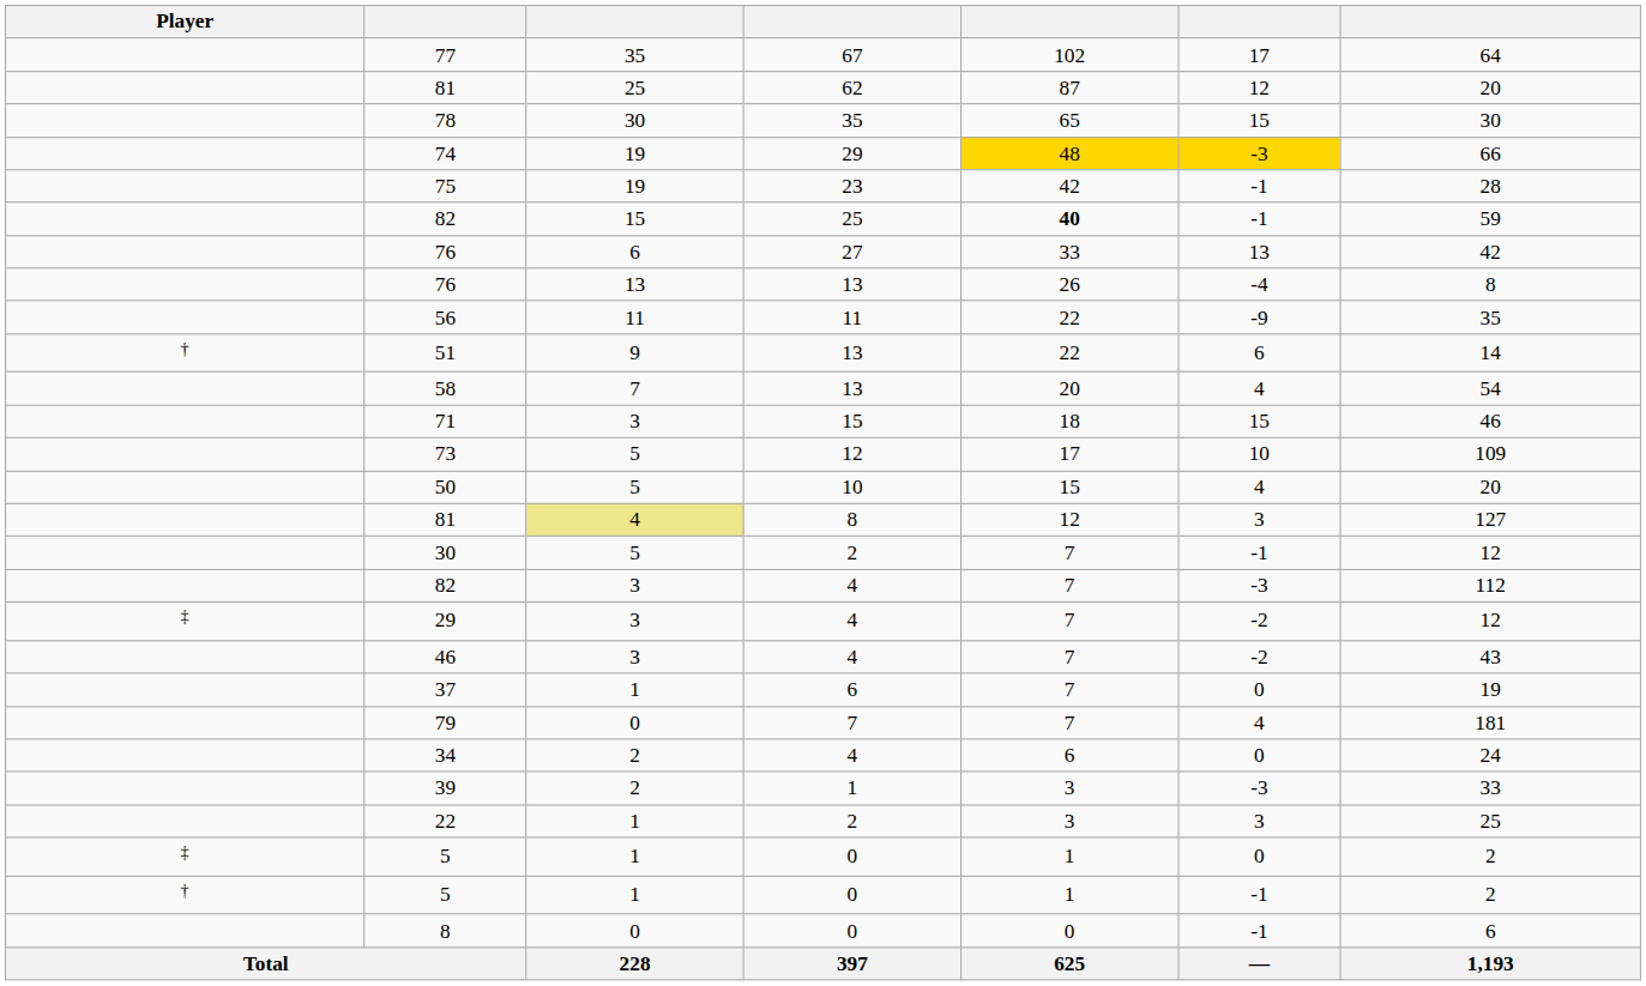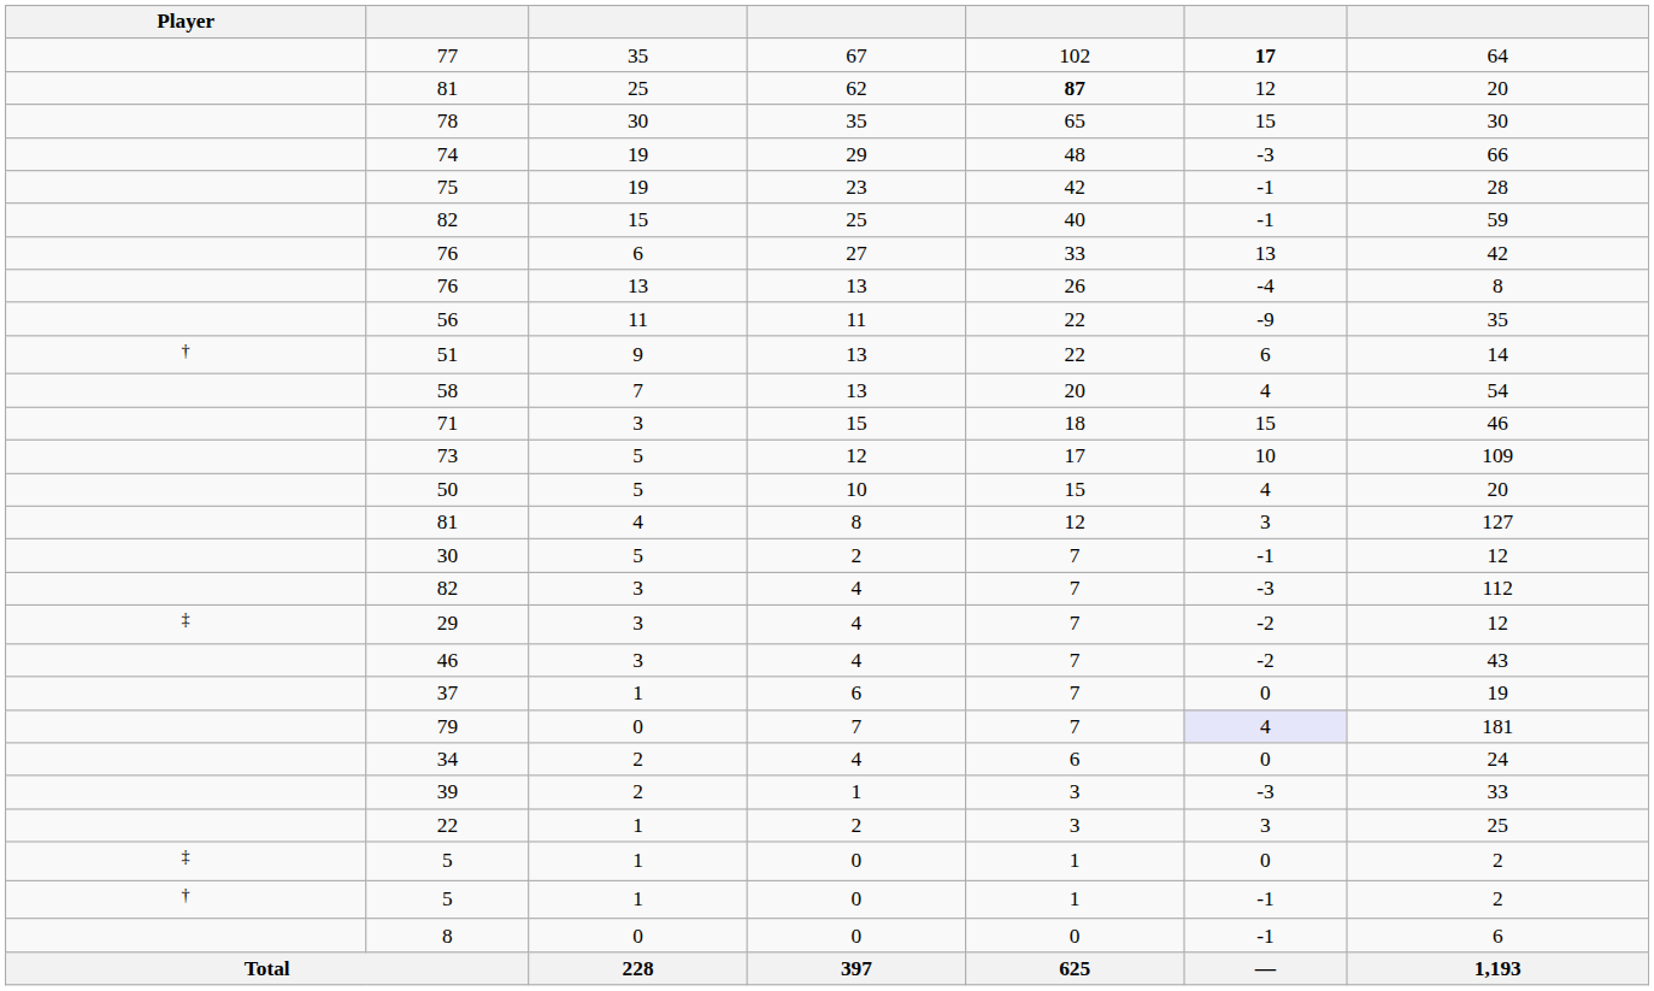 <table class="wikitable sortable" style="width:100%; text-align:center;">
 <tr align=center>
 <th>Player</th>
 <th></th>
 <th></th>
 <th></th>
 <th></th>
 <th data-sort-type="number"></th>
 <th></th>
 </tr>
 <tr>
 <td></td>
 <td>77</td>
 <td>35</td>
 <td>67</td>
 <td>102</td>
-<td>17</td>
+<td><strong>17</strong></td>
 <td>64</td>
 </tr>
 <tr>
 <td></td>
 <td>81</td>
 <td>25</td>
 <td>62</td>
-<td>87</td>
+<td><strong>87</strong></td>
 <td>12</td>
 <td>20</td>
 </tr>
 <tr>
 <td></td>
 <td>78</td>
 <td>30</td>
 <td>35</td>
 <td>65</td>
 <td>15</td>
 <td>30</td>
 </tr>
 <tr>
 <td></td>
 <td>74</td>
 <td>19</td>
 <td>29</td>
-<td style="background: gold;">48</td>
-<td style="background: gold;">-3</td>
+<td>48</td>
+<td>-3</td>
 <td>66</td>
 </tr>
 <tr>
 <td></td>
 <td>75</td>
 <td>19</td>
 <td>23</td>
 <td>42</td>
 <td>-1</td>
 <td>28</td>
 </tr>
 <tr>
 <td></td>
 <td>82</td>
 <td>15</td>
 <td>25</td>
-<td><strong>40</strong></td>
+<td>40</td>
 <td>-1</td>
 <td>59</td>
 </tr>
 <tr>
 <td></td>
 <td>76</td>
 <td>6</td>
 <td>27</td>
 <td>33</td>
 <td>13</td>
 <td>42</td>
 </tr>
 <tr>
 <td></td>
 <td>76</td>
 <td>13</td>
 <td>13</td>
 <td>26</td>
 <td>-4</td>
 <td>8</td>
 </tr>
 <tr>
 <td></td>
 <td>56</td>
 <td>11</td>
 <td>11</td>
 <td>22</td>
 <td>-9</td>
 <td>35</td>
 </tr>
 <tr>
 <td><sup>†</sup></td>
 <td>51</td>
 <td>9</td>
 <td>13</td>
 <td>22</td>
 <td>6</td>
 <td>14</td>
 </tr>
 <tr>
 <td></td>
 <td>58</td>
 <td>7</td>
 <td>13</td>
 <td>20</td>
 <td>4</td>
 <td>54</td>
 </tr>
 <tr>
 <td></td>
 <td>71</td>
 <td>3</td>
 <td>15</td>
 <td>18</td>
 <td>15</td>
 <td>46</td>
 </tr>
 <tr>
 <td></td>
 <td>73</td>
 <td>5</td>
 <td>12</td>
 <td>17</td>
 <td>10</td>
 <td>109</td>
 </tr>
 <tr>
 <td></td>
 <td>50</td>
 <td>5</td>
 <td>10</td>
 <td>15</td>
 <td>4</td>
 <td>20</td>
 </tr>
 <tr>
 <td></td>
 <td>81</td>
-<td style="background: khaki;">4</td>
+<td>4</td>
 <td>8</td>
 <td>12</td>
 <td>3</td>
 <td>127</td>
 </tr>
 <tr>
 <td></td>
 <td>30</td>
 <td>5</td>
 <td>2</td>
 <td>7</td>
 <td>-1</td>
 <td>12</td>
 </tr>
 <tr>
 <td></td>
 <td>82</td>
 <td>3</td>
 <td>4</td>
 <td>7</td>
 <td>-3</td>
 <td>112</td>
 </tr>
 <tr>
 <td><sup>‡</sup></td>
 <td>29</td>
 <td>3</td>
 <td>4</td>
 <td>7</td>
 <td>-2</td>
 <td>12</td>
 </tr>
 <tr>
 <td></td>
 <td>46</td>
 <td>3</td>
 <td>4</td>
 <td>7</td>
 <td>-2</td>
 <td>43</td>
 </tr>
 <tr>
 <td></td>
 <td>37</td>
 <td>1</td>
 <td>6</td>
 <td>7</td>
 <td>0</td>
 <td>19</td>
 </tr>
 <tr>
 <td></td>
 <td>79</td>
 <td>0</td>
 <td>7</td>
 <td>7</td>
-<td>4</td>
+<td style="background: lavender;">4</td>
 <td>181</td>
 </tr>
 <tr>
 <td></td>
 <td>34</td>
 <td>2</td>
 <td>4</td>
 <td>6</td>
 <td>0</td>
 <td>24</td>
 </tr>
 <tr>
 <td></td>
 <td>39</td>
 <td>2</td>
 <td>1</td>
 <td>3</td>
 <td>-3</td>
 <td>33</td>
 </tr>
 <tr>
 <td></td>
 <td>22</td>
 <td>1</td>
 <td>2</td>
 <td>3</td>
 <td>3</td>
 <td>25</td>
 </tr>
 <tr>
 <td><sup>‡</sup></td>
 <td>5</td>
 <td>1</td>
 <td>0</td>
 <td>1</td>
 <td>0</td>
 <td>2</td>
 </tr>
 <tr>
 <td><sup>†</sup></td>
 <td>5</td>
 <td>1</td>
 <td>0</td>
 <td>1</td>
 <td>-1</td>
 <td>2</td>
 </tr>
 <tr>
 <td></td>
 <td>8</td>
 <td>0</td>
 <td>0</td>
 <td>0</td>
 <td>-1</td>
 <td>6</td>
 </tr>
 <tr class="sortbottom">
 <th colspan=2>Total</th>
 <th>228</th>
 <th>397</th>
 <th>625</th>
 <th>—</th>
 <th>1,193</th>
 </tr>
 </table>
